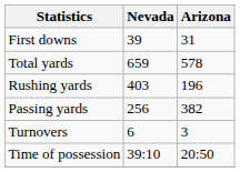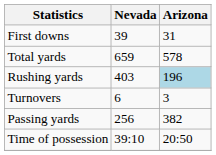 <table class="wikitable">
 <tr>
 <th>Statistics</th>
 <th>Nevada</th>
 <th>Arizona</th>
 </tr>
 <tr>
 <td>First downs</td>
 <td>39</td>
 <td>31</td>
 </tr>
 <tr>
 <td>Total yards</td>
 <td>659</td>
 <td>578</td>
 </tr>
 <tr>
 <td>Rushing yards</td>
 <td>403</td>
-<td>196</td>
+<td style="background: lightblue;">196</td>
+</tr>
+<tr>
+<td>Turnovers</td>
+<td>6</td>
+<td>3</td>
 </tr>
 <tr>
 <td>Passing yards</td>
 <td>256</td>
 <td>382</td>
-</tr>
-<tr>
-<td>Turnovers</td>
-<td>6</td>
-<td>3</td>
 </tr>
 <tr>
 <td>Time of possession</td>
 <td>39:10</td>
 <td>20:50</td>
 </tr>
 <tr>
 </tr>
 </table>
